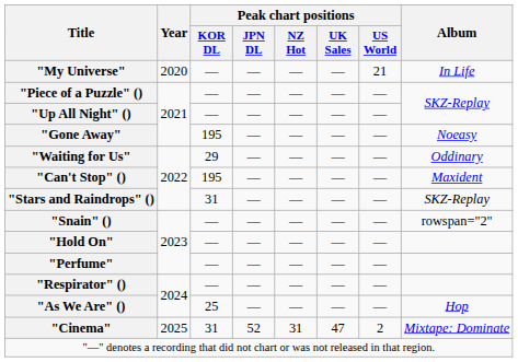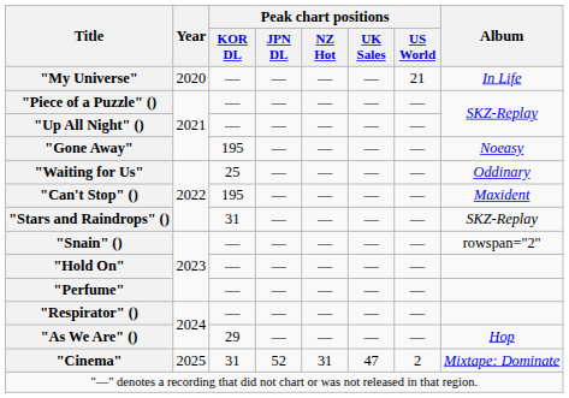 <table class="wikitable plainrowheaders" style="text-align:center">
 <tr>
 <th scope="col" rowspan="2">Title</th>
 <th scope="col" rowspan="2">Year</th>
 <th scope="col" colspan="5">Peak chart positions</th>
 <th scope="col" rowspan="2">Album</th>
 </tr>
 <tr>
 <th scope="col" style="font-size:90%; width:3em"><a href='#'>KOR<br>DL</a><br></th>
 <th scope="col" style="font-size:90%; width:3em"><a href='#'>JPN<br>DL</a><br></th>
 <th scope="col" style="font-size:90%; width:3em"><a href='#'>NZ<br>Hot</a><br></th>
 <th scope="col" style="font-size:90%; width:3em"><a href='#'>UK<br>Sales</a><br></th>
 <th scope="col" style="font-size:90%; width:3em"><a href='#'>US<br>World</a><br></th>
 </tr>
 <tr>
 <th scope="row">"My Universe"<br></th>
 <td>2020</td>
 <td>—</td>
 <td>—</td>
 <td>—</td>
 <td>—</td>
 <td>21</td>
 <td><em><a href='#'>In Life</a></em></td>
 </tr>
 <tr>
 <th scope="row">"Piece of a Puzzle" ()<br></th>
 <td rowspan="3">2021</td>
 <td>—</td>
 <td>—</td>
 <td>—</td>
 <td>—</td>
 <td>—</td>
 <td rowspan="2"><em><a href='#'>SKZ-Replay</a></em></td>
 </tr>
 <tr>
 <th scope="row">"Up All Night" ()<br></th>
 <td>—</td>
 <td>—</td>
 <td>—</td>
 <td>—</td>
 <td>—</td>
 </tr>
 <tr>
 <th scope="row">"Gone Away"<br></th>
 <td>195</td>
 <td>—</td>
 <td>—</td>
 <td>—</td>
 <td>—</td>
 <td><em><a href='#'>Noeasy</a></em></td>
 </tr>
 <tr>
 <th scope="row">"Waiting for Us"<br></th>
 <td rowspan="3">2022</td>
-<td>29</td>
+<td>25</td>
 <td>—</td>
 <td>—</td>
 <td>—</td>
 <td>—</td>
 <td><em><a href='#'>Oddinary</a></em></td>
 </tr>
 <tr>
 <th scope="row">"Can't Stop" ()<br></th>
 <td>195</td>
 <td>—</td>
 <td>—</td>
 <td>—</td>
 <td>—</td>
 <td><em><a href='#'>Maxident</a></em></td>
 </tr>
 <tr>
 <th scope="row">"Stars and Raindrops" ()</th>
 <td>31</td>
 <td>—</td>
 <td>—</td>
 <td>—</td>
 <td>—</td>
 <td><em>SKZ-Replay</em></td>
 </tr>
 <tr>
 <th scope="row">"Snain" ()<br></th>
 <td rowspan="3">2023</td>
 <td>—</td>
 <td>—</td>
 <td>—</td>
 <td>—</td>
 <td>—</td>
 <td>rowspan="2" </td>
 </tr>
 <tr>
 <th scope="row">"Hold On"</th>
 <td>—</td>
 <td>—</td>
 <td>—</td>
 <td>—</td>
 <td>—</td>
 </tr>
 <tr>
 <th scope="row">"Perfume"</th>
 <td>—</td>
 <td>—</td>
 <td>—</td>
 <td>—</td>
 <td>—</td>
 <td></td>
 </tr>
 <tr>
 <th scope="row">"Respirator" ()<br></th>
 <td rowspan="2">2024</td>
 <td>—</td>
 <td>—</td>
 <td>—</td>
 <td>—</td>
 <td>—</td>
 <td></td>
 </tr>
 <tr>
 <th scope="row">"As We Are" ()</th>
-<td>25</td>
+<td>29</td>
 <td>—</td>
 <td>—</td>
 <td>—</td>
 <td>—</td>
 <td><em><a href='#'>Hop</a></em></td>
 </tr>
 <tr>
 <th scope="row">"Cinema"<br></th>
 <td>2025</td>
 <td>31</td>
 <td>52</td>
 <td>31</td>
 <td>47</td>
 <td>2</td>
 <td><em><a href='#'>Mixtape: Dominate</a></em></td>
 </tr>
 <tr>
 <td colspan="8" style="font-size:85%">"—" denotes a recording that did not chart or was not released in that region.</td>
 </tr>
 </table>
